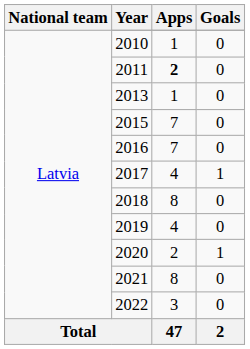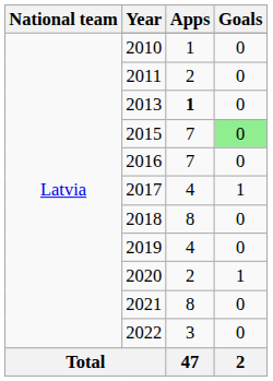 <table class="wikitable" style="text-align:center">
 <tr>
 <th>National team</th>
 <th>Year</th>
 <th>Apps</th>
 <th>Goals</th>
 </tr>
 <tr>
 <td rowspan=12><a href='#'>Latvia</a></td>
 </tr>
 <tr>
 <td>2010</td>
 <td>1</td>
 <td>0</td>
 </tr>
 <tr>
 <td>2011</td>
-<td><strong>2</strong></td>
+<td>2</td>
 <td>0</td>
 </tr>
 <tr>
 <td>2013</td>
-<td>1</td>
+<td><strong>1</strong></td>
 <td>0</td>
 </tr>
 <tr>
 <td>2015</td>
 <td>7</td>
-<td>0</td>
+<td style="background: lightgreen;">0</td>
 </tr>
 <tr>
 <td>2016</td>
 <td>7</td>
 <td>0</td>
 </tr>
 <tr>
 <td>2017</td>
 <td>4</td>
 <td>1</td>
 </tr>
 <tr>
 <td>2018</td>
 <td>8</td>
 <td>0</td>
 </tr>
 <tr>
 <td>2019</td>
 <td>4</td>
 <td>0</td>
 </tr>
 <tr>
 <td>2020</td>
 <td>2</td>
 <td>1</td>
 </tr>
 <tr>
 <td>2021</td>
 <td>8</td>
 <td>0</td>
 </tr>
 <tr>
 <td>2022</td>
 <td>3</td>
 <td>0</td>
 </tr>
 <tr>
 <th colspan="2">Total</th>
 <th>47</th>
 <th>2</th>
 </tr>
 </table>
